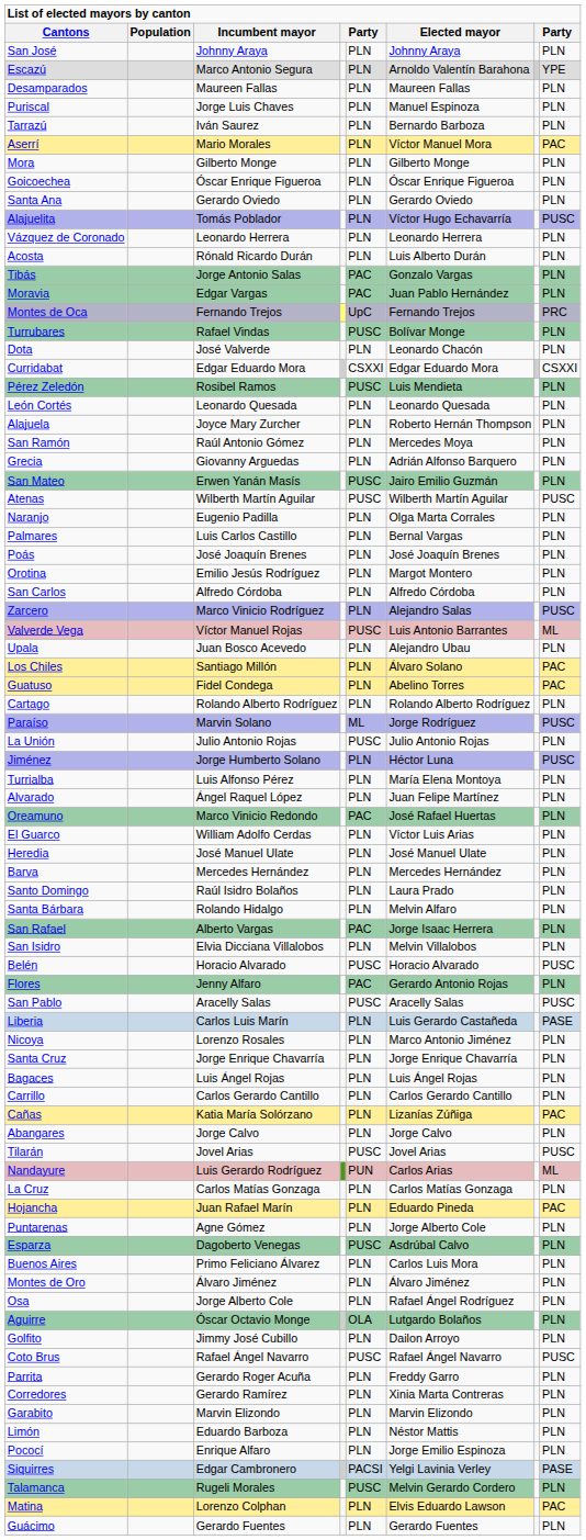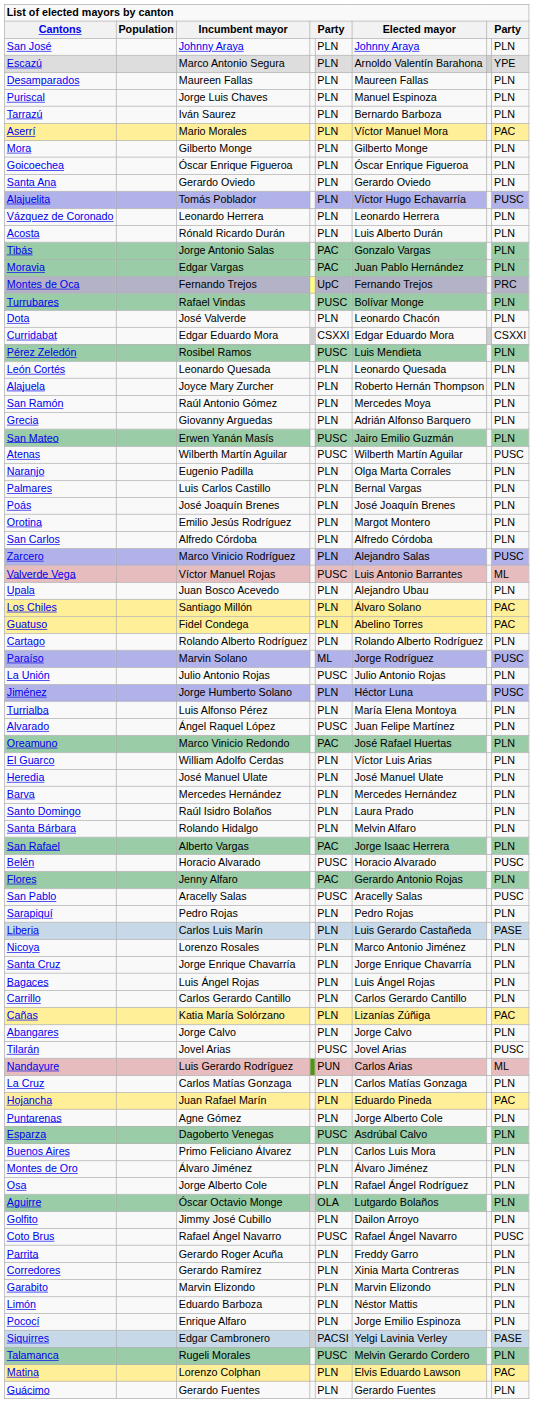 <table role="presentation" class="wikitable collapsible autocollapse">
 <tr>
 <td colspan=8><strong>List of elected mayors by canton</strong></td>
 </tr>
 <tr>
 <th><a href='#'>Cantons</a></th>
 <th>Population</th>
 <th>Incumbent mayor</th>
 <th colspan=2>Party</th>
 <th>Elected mayor</th>
 <th colspan=2>Party</th>
 </tr>
 <tr>
 <td><a href='#'>San José</a></td>
 <td style="text-align: right"></td>
 <td><a href='#'>Johnny Araya</a></td>
 <td></td>
 <td>PLN</td>
 <td><a href='#'>Johnny Araya</a></td>
 <td></td>
 <td>PLN</td>
 </tr>
 <tr>
 <td bgcolor="#dddddd"><a href='#'>Escazú</a></td>
 <td bgcolor="#dddddd" style="text-align: right"></td>
 <td bgcolor="#dddddd">Marco Antonio Segura</td>
 <td></td>
 <td bgcolor="#dddddd">PLN</td>
 <td bgcolor="#dddddd">Arnoldo Valentín Barahona</td>
 <td bgcolor="#cfcfcf"></td>
 <td bgcolor="#dddddd">YPE</td>
 </tr>
 <tr>
 <td><a href='#'>Desamparados</a></td>
 <td style="text-align: right"></td>
 <td>Maureen Fallas</td>
 <td></td>
 <td>PLN</td>
 <td>Maureen Fallas</td>
 <td></td>
 <td>PLN</td>
 </tr>
 <tr>
 <td><a href='#'>Puriscal</a></td>
 <td style="text-align: right"></td>
 <td>Jorge Luis Chaves</td>
 <td></td>
 <td>PLN</td>
 <td>Manuel Espinoza</td>
 <td></td>
 <td>PLN</td>
 </tr>
 <tr>
 <td><a href='#'>Tarrazú</a></td>
 <td style="text-align: right"></td>
 <td>Iván Saurez</td>
 <td></td>
 <td>PLN</td>
 <td>Bernardo Barboza</td>
 <td></td>
 <td>PLN</td>
 </tr>
 <tr>
 <td bgcolor="#ffef99"><a href='#'>Aserrí</a></td>
 <td bgcolor="#ffef99" style="text-align: right"></td>
 <td bgcolor="#ffef99">Mario Morales</td>
 <td></td>
 <td bgcolor="#ffef99">PLN</td>
 <td bgcolor="#ffef99">Víctor Manuel Mora</td>
 <td></td>
 <td bgcolor="#ffef99">PAC</td>
 </tr>
 <tr>
 <td><a href='#'>Mora</a></td>
 <td style="text-align: right"></td>
 <td>Gilberto Monge</td>
 <td></td>
 <td>PLN</td>
 <td>Gilberto Monge</td>
 <td></td>
 <td>PLN</td>
 </tr>
 <tr>
 <td><a href='#'>Goicoechea</a></td>
 <td style="text-align: right"></td>
 <td>Óscar Enrique Figueroa</td>
 <td></td>
 <td>PLN</td>
 <td>Óscar Enrique Figueroa</td>
 <td></td>
 <td>PLN</td>
 </tr>
 <tr>
 <td><a href='#'>Santa Ana</a></td>
 <td style="text-align: right"></td>
 <td>Gerardo Oviedo</td>
 <td></td>
 <td>PLN</td>
 <td>Gerardo Oviedo</td>
 <td></td>
 <td>PLN</td>
 </tr>
 <tr>
 <td bgcolor="#b2b2eb"><a href='#'>Alajuelita</a></td>
 <td bgcolor="#b2b2eb" style="text-align: right"></td>
 <td bgcolor="#b2b2eb">Tomás Poblador</td>
 <td></td>
 <td bgcolor="#b2b2eb">PLN</td>
 <td bgcolor="#b2b2eb">Víctor Hugo Echavarría</td>
 <td></td>
 <td bgcolor="#b2b2eb">PUSC</td>
 </tr>
 <tr>
 <td><a href='#'>Vázquez de Coronado</a></td>
 <td style="text-align: right"></td>
 <td>Leonardo Herrera</td>
 <td></td>
 <td>PLN</td>
 <td>Leonardo Herrera</td>
 <td></td>
 <td>PLN</td>
 </tr>
 <tr>
 <td><a href='#'>Acosta</a></td>
 <td style="text-align: right"></td>
 <td>Rónald Ricardo Durán</td>
 <td></td>
 <td>PLN</td>
 <td>Luis Alberto Durán</td>
 <td></td>
 <td>PLN</td>
 </tr>
 <tr>
 <td bgcolor="#99cca7"><a href='#'>Tibás</a></td>
 <td bgcolor="#99cca7" style="text-align: right"></td>
 <td bgcolor="#99cca7">Jorge Antonio Salas</td>
 <td></td>
 <td bgcolor="#99cca7">PAC</td>
 <td bgcolor="#99cca7">Gonzalo Vargas</td>
 <td></td>
 <td bgcolor="#99cca7">PLN</td>
 </tr>
 <tr>
 <td bgcolor="#99cca7"><a href='#'>Moravia</a></td>
 <td bgcolor="#99cca7" style="text-align: right"></td>
 <td bgcolor="#99cca7">Edgar Vargas</td>
 <td></td>
 <td bgcolor="#99cca7">PAC</td>
 <td bgcolor="#99cca7">Juan Pablo Hernández</td>
 <td></td>
 <td bgcolor="#99cca7">PLN</td>
 </tr>
 <tr>
 <td bgcolor="#b4b2c7"><a href='#'>Montes de Oca</a></td>
 <td bgcolor="#b4b2c7" style="text-align: right"></td>
 <td bgcolor="#b4b2c7">Fernando Trejos</td>
 <td bgcolor="#ffff78"></td>
 <td bgcolor="#b4b2c7">UpC</td>
 <td bgcolor="#b4b2c7">Fernando Trejos</td>
 <td></td>
 <td bgcolor="#b4b2c7">PRC</td>
 </tr>
 <tr>
 <td bgcolor="#99cca7"><a href='#'>Turrubares</a></td>
 <td bgcolor="#99cca7" style="text-align: right"></td>
 <td bgcolor="#99cca7">Rafael Vindas</td>
 <td></td>
 <td bgcolor="#99cca7">PUSC</td>
 <td bgcolor="#99cca7">Bolívar Monge</td>
 <td></td>
 <td bgcolor="#99cca7">PLN</td>
 </tr>
 <tr>
 <td><a href='#'>Dota</a></td>
 <td style="text-align: right"></td>
 <td>José Valverde</td>
 <td></td>
 <td>PLN</td>
 <td>Leonardo Chacón</td>
 <td></td>
 <td>PLN</td>
 </tr>
 <tr>
 <td><a href='#'>Curridabat</a></td>
 <td style="text-align: right"></td>
 <td>Edgar Eduardo Mora</td>
 <td bgcolor="#cfcfcf"></td>
 <td>CSXXI</td>
 <td>Edgar Eduardo Mora</td>
 <td bgcolor="#cfcfcf"></td>
 <td>CSXXI</td>
 </tr>
 <tr>
 <td bgcolor="#99cca7"><a href='#'>Pérez Zeledón</a></td>
 <td bgcolor="#99cca7" style="text-align: right"></td>
 <td bgcolor="#99cca7">Rosibel Ramos</td>
 <td></td>
 <td bgcolor="#99cca7">PUSC</td>
 <td bgcolor="#99cca7">Luis Mendieta</td>
 <td></td>
 <td bgcolor="#99cca7">PLN</td>
 </tr>
 <tr>
 <td><a href='#'>León Cortés</a></td>
 <td style="text-align: right"></td>
 <td>Leonardo Quesada</td>
 <td></td>
 <td>PLN</td>
 <td>Leonardo Quesada</td>
 <td></td>
 <td>PLN</td>
 </tr>
 <tr>
 <td><a href='#'>Alajuela</a></td>
 <td style="text-align: right"></td>
 <td>Joyce Mary Zurcher</td>
 <td></td>
 <td>PLN</td>
 <td>Roberto Hernán Thompson</td>
 <td></td>
 <td>PLN</td>
 </tr>
 <tr>
 <td><a href='#'>San Ramón</a></td>
 <td style="text-align: right"></td>
 <td>Raúl Antonio Gómez</td>
 <td></td>
 <td>PLN</td>
 <td>Mercedes Moya</td>
 <td></td>
 <td>PLN</td>
 </tr>
 <tr>
 <td><a href='#'>Grecia</a></td>
 <td style="text-align: right"></td>
 <td>Giovanny Arguedas</td>
 <td></td>
 <td>PLN</td>
 <td>Adrián Alfonso Barquero</td>
 <td></td>
 <td>PLN</td>
 </tr>
 <tr>
 <td bgcolor="#99cca7"><a href='#'>San Mateo</a></td>
 <td bgcolor="#99cca7" style="text-align: right"></td>
 <td bgcolor="#99cca7">Erwen Yanán Masís</td>
 <td></td>
 <td bgcolor="#99cca7">PUSC</td>
 <td bgcolor="#99cca7">Jairo Emilio Guzmán</td>
 <td></td>
 <td bgcolor="#99cca7">PLN</td>
 </tr>
 <tr>
 <td><a href='#'>Atenas</a></td>
 <td style="text-align: right"></td>
 <td>Wilberth Martín Aguilar</td>
 <td></td>
 <td>PUSC</td>
 <td>Wilberth Martín Aguilar</td>
 <td></td>
 <td>PUSC</td>
 </tr>
 <tr>
 <td><a href='#'>Naranjo</a></td>
 <td style="text-align: right"></td>
 <td>Eugenio Padilla</td>
 <td></td>
 <td>PLN</td>
 <td>Olga Marta Corrales</td>
 <td></td>
 <td>PLN</td>
 </tr>
 <tr>
 <td><a href='#'>Palmares</a></td>
 <td style="text-align: right"></td>
 <td>Luis Carlos Castillo</td>
 <td></td>
 <td>PLN</td>
 <td>Bernal Vargas</td>
 <td></td>
 <td>PLN</td>
 </tr>
 <tr>
 <td><a href='#'>Poás</a></td>
 <td style="text-align: right"></td>
 <td>José Joaquín Brenes</td>
 <td></td>
 <td>PLN</td>
 <td>José Joaquín Brenes</td>
 <td></td>
 <td>PLN</td>
 </tr>
 <tr>
 <td><a href='#'>Orotina</a></td>
 <td style="text-align: right"></td>
 <td>Emilio Jesús Rodríguez</td>
 <td></td>
 <td>PLN</td>
 <td>Margot Montero</td>
 <td></td>
 <td>PLN</td>
 </tr>
 <tr>
 <td><a href='#'>San Carlos</a></td>
 <td style="text-align: right"></td>
 <td>Alfredo Córdoba</td>
 <td></td>
 <td>PLN</td>
 <td>Alfredo Córdoba</td>
 <td></td>
 <td>PLN</td>
 </tr>
 <tr>
 <td bgcolor="#b2b2eb"><a href='#'>Zarcero</a></td>
 <td bgcolor="#b2b2eb" style="text-align: right"></td>
 <td bgcolor="#b2b2eb">Marco Vinicio Rodríguez</td>
 <td></td>
 <td bgcolor="#b2b2eb">PLN</td>
 <td bgcolor="#b2b2eb">Alejandro Salas</td>
 <td></td>
 <td bgcolor="#b2b2eb">PUSC</td>
 </tr>
 <tr>
 <td bgcolor="#e7bcbe"><a href='#'>Valverde Vega</a></td>
 <td bgcolor="#e7bcbe" style="text-align: right"></td>
 <td bgcolor="#e7bcbe">Víctor Manuel Rojas</td>
 <td></td>
 <td bgcolor="#e7bcbe">PUSC</td>
 <td bgcolor="#e7bcbe">Luis Antonio Barrantes</td>
 <td></td>
 <td bgcolor="#e7bcbe">ML</td>
 </tr>
 <tr>
 <td><a href='#'>Upala</a></td>
 <td style="text-align: right"></td>
 <td>Juan Bosco Acevedo</td>
 <td></td>
 <td>PLN</td>
 <td>Alejandro Ubau</td>
 <td></td>
 <td>PLN</td>
 </tr>
 <tr>
 <td bgcolor="#ffef99"><a href='#'>Los Chiles</a></td>
 <td bgcolor="#ffef99" style="text-align: right"></td>
 <td bgcolor="#ffef99">Santiago Millón</td>
 <td></td>
 <td bgcolor="#ffef99">PLN</td>
 <td bgcolor="#ffef99">Álvaro Solano</td>
 <td></td>
 <td bgcolor="#ffef99">PAC</td>
 </tr>
 <tr>
 <td bgcolor="#ffef99"><a href='#'>Guatuso</a></td>
 <td bgcolor="#ffef99" style="text-align: right"></td>
 <td bgcolor="#ffef99">Fidel Condega</td>
 <td></td>
 <td bgcolor="#ffef99">PLN</td>
 <td bgcolor="#ffef99">Abelino Torres</td>
 <td></td>
 <td bgcolor="#ffef99">PAC</td>
 </tr>
 <tr>
 <td><a href='#'>Cartago</a></td>
 <td style="text-align: right"></td>
 <td>Rolando Alberto Rodríguez</td>
 <td></td>
 <td>PLN</td>
 <td>Rolando Alberto Rodríguez</td>
 <td></td>
 <td>PLN</td>
 </tr>
 <tr>
 <td bgcolor="#b2b2eb"><a href='#'>Paraíso</a></td>
 <td bgcolor="#b2b2eb" style="text-align: right"></td>
 <td bgcolor="#b2b2eb">Marvin Solano</td>
 <td></td>
 <td bgcolor="#b2b2eb">ML</td>
 <td bgcolor="#b2b2eb">Jorge Rodríguez</td>
 <td></td>
 <td bgcolor="#b2b2eb">PUSC</td>
 </tr>
 <tr>
 <td><a href='#'>La Unión</a></td>
 <td style="text-align: right"></td>
 <td>Julio Antonio Rojas</td>
 <td></td>
 <td>PUSC</td>
 <td>Julio Antonio Rojas</td>
 <td></td>
 <td>PLN</td>
 </tr>
 <tr>
 <td bgcolor="#b2b2eb"><a href='#'>Jiménez</a></td>
 <td bgcolor="#b2b2eb" style="text-align: right"></td>
 <td bgcolor="#b2b2eb">Jorge Humberto Solano</td>
 <td></td>
 <td bgcolor="#b2b2eb">PLN</td>
 <td bgcolor="#b2b2eb">Héctor Luna</td>
 <td></td>
 <td bgcolor="#b2b2eb">PUSC</td>
 </tr>
 <tr>
 <td><a href='#'>Turrialba</a></td>
 <td style="text-align: right"></td>
 <td>Luis Alfonso Pérez</td>
 <td></td>
 <td>PLN</td>
 <td>María Elena Montoya</td>
 <td></td>
 <td>PLN</td>
 </tr>
 <tr>
 <td><a href='#'>Alvarado</a></td>
 <td style="text-align: right"></td>
 <td>Ángel Raquel López</td>
 <td></td>
-<td>PLN</td>
+<td>PUSC</td>
 <td>Juan Felipe Martínez</td>
 <td></td>
 <td>PLN</td>
 </tr>
 <tr>
 <td bgcolor="#99cca7"><a href='#'>Oreamuno</a></td>
 <td bgcolor="#99cca7" style="text-align: right"></td>
 <td bgcolor="#99cca7">Marco Vinicio Redondo</td>
 <td></td>
 <td bgcolor="#99cca7">PAC</td>
 <td bgcolor="#99cca7">José Rafael Huertas</td>
 <td></td>
 <td bgcolor="#99cca7">PLN</td>
 </tr>
 <tr>
 <td><a href='#'>El Guarco</a></td>
 <td style="text-align: right"></td>
 <td>William Adolfo Cerdas</td>
 <td></td>
 <td>PLN</td>
 <td>Víctor Luis Arias</td>
 <td></td>
 <td>PLN</td>
 </tr>
 <tr>
 <td><a href='#'>Heredia</a></td>
 <td style="text-align: right"></td>
 <td>José Manuel Ulate</td>
 <td></td>
 <td>PLN</td>
 <td>José Manuel Ulate</td>
 <td></td>
 <td>PLN</td>
 </tr>
 <tr>
 <td><a href='#'>Barva</a></td>
 <td style="text-align: right"></td>
 <td>Mercedes Hernández</td>
 <td></td>
 <td>PLN</td>
 <td>Mercedes Hernández</td>
 <td></td>
 <td>PLN</td>
 </tr>
 <tr>
 <td><a href='#'>Santo Domingo</a></td>
 <td style="text-align: right"></td>
 <td>Raúl Isidro Bolaños</td>
 <td></td>
 <td>PLN</td>
 <td>Laura Prado</td>
 <td></td>
 <td>PLN</td>
 </tr>
 <tr>
 <td><a href='#'>Santa Bárbara</a></td>
 <td style="text-align: right"></td>
 <td>Rolando Hidalgo</td>
 <td></td>
 <td>PLN</td>
 <td>Melvin Alfaro</td>
 <td></td>
 <td>PLN</td>
 </tr>
 <tr>
 <td bgcolor="#99cca7"><a href='#'>San Rafael</a></td>
 <td bgcolor="#99cca7" style="text-align: right"></td>
 <td bgcolor="#99cca7">Alberto Vargas</td>
 <td></td>
 <td bgcolor="#99cca7">PAC</td>
 <td bgcolor="#99cca7">Jorge Isaac Herrera</td>
 <td></td>
 <td bgcolor="#99cca7">PLN</td>
 </tr>
 <tr>
-<td><a href='#'>San Isidro</a></td>
-<td style="text-align: right"></td>
-<td>Elvia Dicciana Villalobos</td>
-<td></td>
-<td>PLN</td>
-<td>Melvin Villalobos</td>
-<td></td>
-<td>PLN</td>
-</tr>
-<tr>
 <td><a href='#'>Belén</a></td>
 <td style="text-align: right"></td>
 <td>Horacio Alvarado</td>
 <td></td>
 <td>PUSC</td>
 <td>Horacio Alvarado</td>
 <td></td>
 <td>PUSC</td>
 </tr>
 <tr>
 <td bgcolor="#99cca7"><a href='#'>Flores</a></td>
 <td bgcolor="#99cca7" style="text-align: right"></td>
 <td bgcolor="#99cca7">Jenny Alfaro</td>
 <td></td>
 <td bgcolor="#99cca7">PAC</td>
 <td bgcolor="#99cca7">Gerardo Antonio Rojas</td>
 <td></td>
 <td bgcolor="#99cca7">PLN</td>
 </tr>
 <tr>
 <td><a href='#'>San Pablo</a></td>
 <td style="text-align: right"></td>
 <td>Aracelly Salas</td>
 <td></td>
 <td>PUSC</td>
 <td>Aracelly Salas</td>
 <td></td>
 <td>PUSC</td>
+</tr>
+<tr>
+<td><a href='#'>Sarapiquí</a></td>
+<td style="text-align: right"></td>
+<td>Pedro Rojas</td>
+<td></td>
+<td>PLN</td>
+<td>Pedro Rojas</td>
+<td></td>
+<td>PLN</td>
 </tr>
 <tr>
 <td bgcolor="#c7d9e8"><a href='#'>Liberia</a></td>
 <td bgcolor="#c7d9e8" style="text-align: right"></td>
 <td bgcolor="#c7d9e8">Carlos Luis Marín</td>
 <td></td>
 <td bgcolor="#c7d9e8">PLN</td>
 <td bgcolor="#c7d9e8">Luis Gerardo Castañeda</td>
 <td></td>
 <td bgcolor="#c7d9e8">PASE</td>
 </tr>
 <tr>
 <td><a href='#'>Nicoya</a></td>
 <td style="text-align: right"></td>
 <td>Lorenzo Rosales</td>
 <td></td>
 <td>PLN</td>
 <td>Marco Antonio Jiménez</td>
 <td></td>
 <td>PLN</td>
 </tr>
 <tr>
 <td><a href='#'>Santa Cruz</a></td>
 <td style="text-align: right"></td>
 <td>Jorge Enrique Chavarría</td>
 <td></td>
 <td>PLN</td>
 <td>Jorge Enrique Chavarría</td>
 <td></td>
 <td>PLN</td>
 </tr>
 <tr>
 <td><a href='#'>Bagaces</a></td>
 <td style="text-align: right"></td>
 <td>Luis Ángel Rojas</td>
 <td></td>
 <td>PLN</td>
 <td>Luis Ángel Rojas</td>
 <td></td>
 <td>PLN</td>
 </tr>
 <tr>
 <td><a href='#'>Carrillo</a></td>
 <td style="text-align: right"></td>
 <td>Carlos Gerardo Cantillo</td>
 <td></td>
 <td>PLN</td>
 <td>Carlos Gerardo Cantillo</td>
 <td></td>
 <td>PLN</td>
 </tr>
 <tr>
 <td bgcolor="#ffef99"><a href='#'>Cañas</a></td>
 <td bgcolor="#ffef99" style="text-align: right"></td>
 <td bgcolor="#ffef99">Katia María Solórzano</td>
 <td></td>
 <td bgcolor="#ffef99">PLN</td>
 <td bgcolor="#ffef99">Lizanías Zúñiga</td>
 <td></td>
 <td bgcolor="#ffef99">PAC</td>
 </tr>
 <tr>
 <td><a href='#'>Abangares</a></td>
 <td style="text-align: right"></td>
 <td>Jorge Calvo</td>
 <td></td>
 <td>PLN</td>
 <td>Jorge Calvo</td>
 <td></td>
 <td>PLN</td>
 </tr>
 <tr>
 <td><a href='#'>Tilarán</a></td>
 <td style="text-align: right"></td>
 <td>Jovel Arias</td>
 <td></td>
 <td>PUSC</td>
 <td>Jovel Arias</td>
 <td></td>
 <td>PUSC</td>
 </tr>
 <tr>
 <td bgcolor="#e7bcbe"><a href='#'>Nandayure</a></td>
 <td bgcolor="#e7bcbe" style="text-align: right"></td>
 <td bgcolor="#e7bcbe">Luis Gerardo Rodríguez</td>
 <td bgcolor="#529319"></td>
 <td bgcolor="#e7bcbe">PUN</td>
 <td bgcolor="#e7bcbe">Carlos Arias</td>
 <td></td>
 <td bgcolor="#e7bcbe">ML</td>
 </tr>
 <tr>
 <td><a href='#'>La Cruz</a></td>
 <td style="text-align: right"></td>
 <td>Carlos Matías Gonzaga</td>
 <td></td>
 <td>PLN</td>
 <td>Carlos Matías Gonzaga</td>
 <td></td>
 <td>PLN</td>
 </tr>
 <tr>
 <td bgcolor="#ffef99"><a href='#'>Hojancha</a></td>
 <td bgcolor="#ffef99" style="text-align: right"></td>
 <td bgcolor="#ffef99">Juan Rafael Marín</td>
 <td></td>
 <td bgcolor="#ffef99">PLN</td>
 <td bgcolor="#ffef99">Eduardo Pineda</td>
 <td></td>
 <td bgcolor="#ffef99">PAC</td>
 </tr>
 <tr>
 <td><a href='#'>Puntarenas</a></td>
 <td style="text-align: right"></td>
 <td>Agne Gómez</td>
 <td></td>
 <td>PLN</td>
 <td>Jorge Alberto Cole</td>
 <td></td>
 <td>PLN</td>
 </tr>
 <tr>
 <td bgcolor="#99cca7"><a href='#'>Esparza</a></td>
 <td bgcolor="#99cca7" style="text-align: right"></td>
 <td bgcolor="#99cca7">Dagoberto Venegas</td>
 <td></td>
 <td bgcolor="#99cca7">PUSC</td>
 <td bgcolor="#99cca7">Asdrúbal Calvo</td>
 <td></td>
 <td bgcolor="#99cca7">PLN</td>
 </tr>
 <tr>
 <td><a href='#'>Buenos Aires</a></td>
 <td style="text-align: right"></td>
 <td>Primo Feliciano Álvarez</td>
 <td></td>
 <td>PLN</td>
 <td>Carlos Luis Mora</td>
 <td></td>
 <td>PLN</td>
 </tr>
 <tr>
 <td><a href='#'>Montes de Oro</a></td>
 <td style="text-align: right"></td>
 <td>Álvaro Jiménez</td>
 <td></td>
 <td>PLN</td>
 <td>Álvaro Jiménez</td>
 <td></td>
 <td>PLN</td>
 </tr>
 <tr>
 <td><a href='#'>Osa</a></td>
 <td style="text-align: right"></td>
 <td>Jorge Alberto Cole</td>
 <td></td>
 <td>PLN</td>
 <td>Rafael Ángel Rodríguez</td>
 <td></td>
 <td>PLN</td>
 </tr>
 <tr>
 <td bgcolor="#99cca7"><a href='#'>Aguirre</a></td>
 <td bgcolor="#99cca7" style="text-align: right"></td>
 <td bgcolor="#99cca7">Óscar Octavio Monge</td>
 <td bgcolor="#cfcfcf"></td>
 <td bgcolor="#99cca7">OLA</td>
 <td bgcolor="#99cca7">Lutgardo Bolaños</td>
 <td></td>
 <td bgcolor="#99cca7">PLN</td>
 </tr>
 <tr>
 <td><a href='#'>Golfito</a></td>
 <td style="text-align: right"></td>
 <td>Jimmy José Cubillo</td>
 <td></td>
 <td>PLN</td>
 <td>Dailon Arroyo</td>
 <td></td>
 <td>PLN</td>
 </tr>
 <tr>
 <td><a href='#'>Coto Brus</a></td>
 <td style="text-align: right"></td>
 <td>Rafael Ángel Navarro</td>
 <td></td>
 <td>PUSC</td>
 <td>Rafael Ángel Navarro</td>
 <td></td>
 <td>PUSC</td>
 </tr>
 <tr>
 <td><a href='#'>Parrita</a></td>
 <td style="text-align: right"></td>
 <td>Gerardo Roger Acuña</td>
 <td></td>
 <td>PLN</td>
 <td>Freddy Garro</td>
 <td></td>
 <td>PLN</td>
 </tr>
 <tr>
 <td><a href='#'>Corredores</a></td>
 <td style="text-align: right"></td>
 <td>Gerardo Ramírez</td>
 <td></td>
 <td>PLN</td>
 <td>Xinia Marta Contreras</td>
 <td></td>
 <td>PLN</td>
 </tr>
 <tr>
 <td><a href='#'>Garabito</a></td>
 <td style="text-align: right"></td>
 <td>Marvin Elizondo</td>
 <td></td>
 <td>PLN</td>
 <td>Marvin Elizondo</td>
 <td></td>
 <td>PLN</td>
 </tr>
 <tr>
 <td><a href='#'>Limón</a></td>
 <td style="text-align: right"></td>
 <td>Eduardo Barboza</td>
 <td></td>
 <td>PLN</td>
 <td>Néstor Mattis</td>
 <td></td>
 <td>PLN</td>
 </tr>
 <tr>
 <td><a href='#'>Pococí</a></td>
 <td style="text-align: right"></td>
 <td>Enrique Alfaro</td>
 <td></td>
 <td>PLN</td>
 <td>Jorge Emilio Espinoza</td>
 <td></td>
 <td>PLN</td>
 </tr>
 <tr>
 <td bgcolor="#c7d9e8"><a href='#'>Siquirres</a></td>
 <td bgcolor="#c7d9e8" style="text-align: right"></td>
 <td bgcolor="#c7d9e8">Edgar Cambronero</td>
 <td bgcolor="#cfcfcf"></td>
 <td bgcolor="#c7d9e8">PACSI</td>
 <td bgcolor="#c7d9e8">Yelgi Lavinia Verley</td>
 <td></td>
 <td bgcolor="#c7d9e8">PASE</td>
 </tr>
 <tr>
 <td bgcolor="#99cca7"><a href='#'>Talamanca</a></td>
 <td bgcolor="#99cca7" style="text-align: right"></td>
 <td bgcolor="#99cca7">Rugeli Morales</td>
 <td></td>
 <td bgcolor="#99cca7">PUSC</td>
 <td bgcolor="#99cca7">Melvin Gerardo Cordero</td>
 <td></td>
 <td bgcolor="#99cca7">PLN</td>
 </tr>
 <tr>
 <td bgcolor="#ffef99"><a href='#'>Matina</a></td>
 <td bgcolor="#ffef99" style="text-align: right"></td>
 <td bgcolor="#ffef99">Lorenzo Colphan</td>
 <td></td>
 <td bgcolor="#ffef99">PLN</td>
 <td bgcolor="#ffef99">Elvis Eduardo Lawson</td>
 <td></td>
 <td bgcolor="#ffef99">PAC</td>
 </tr>
 <tr>
 <td><a href='#'>Guácimo</a></td>
 <td style="text-align: right"></td>
 <td>Gerardo Fuentes</td>
 <td></td>
 <td>PLN</td>
 <td>Gerardo Fuentes</td>
 <td></td>
 <td>PLN</td>
 </tr>
 </table>
